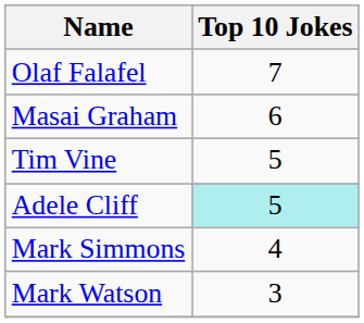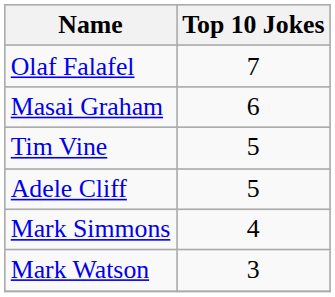 <table class="wikitable" style="font-size:100%; text-align: center;">
 <tr>
 <th>Name</th>
 <th>Top 10 Jokes</th>
 </tr>
 <tr>
 <td align="left"><a href='#'>Olaf Falafel</a></td>
 <td>7</td>
 </tr>
 <tr>
 <td align="left"><a href='#'>Masai Graham</a></td>
 <td>6</td>
 </tr>
 <tr>
 <td align="left"><a href='#'>Tim Vine</a></td>
 <td>5</td>
 </tr>
 <tr>
 <td align="left"><a href='#'>Adele Cliff</a></td>
-<td style="background: paleturquoise;">5</td>
+<td>5</td>
 </tr>
 <tr>
 <td align="left"><a href='#'>Mark Simmons</a></td>
 <td>4</td>
 </tr>
 <tr>
 <td align="left"><a href='#'>Mark Watson</a></td>
 <td>3</td>
 </tr>
 <tr>
 </tr>
 </table>
